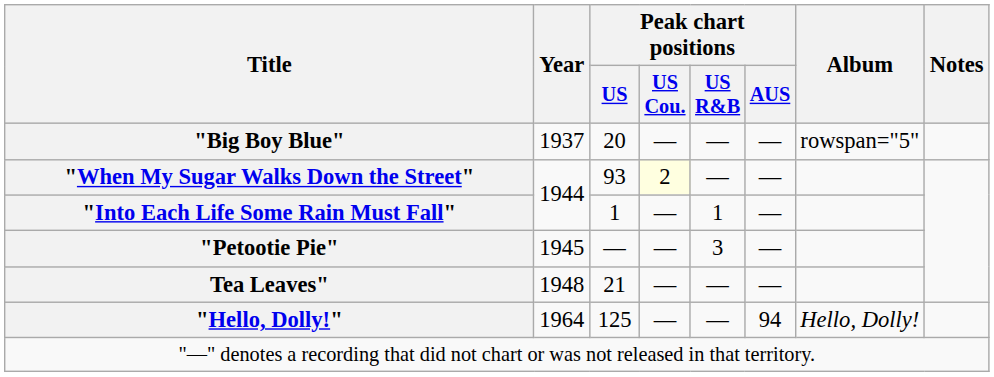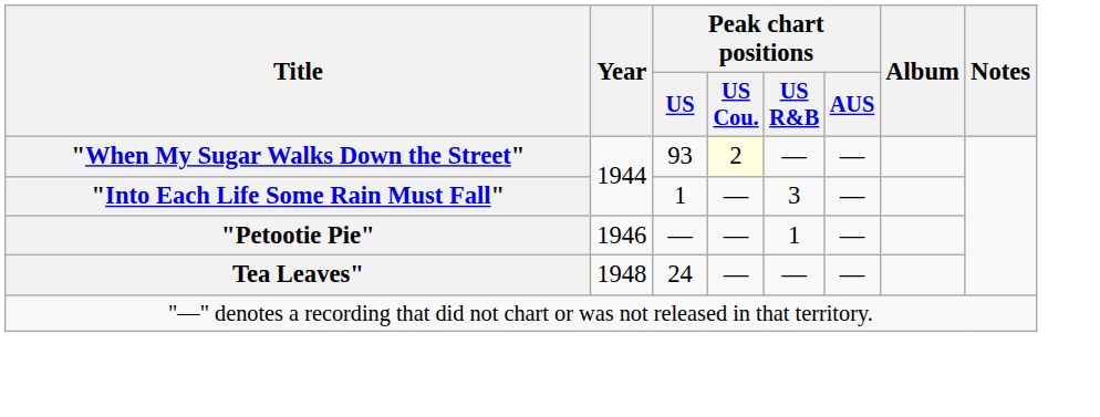 <table class="wikitable plainrowheaders" style="text-align:center;" border="1">
 <tr>
 <th scope="col" rowspan="2" style="width:23em;">Title</th>
 <th scope="col" rowspan="2">Year</th>
 <th scope="col" colspan="4">Peak chart positions</th>
 <th scope="col" rowspan="2">Album</th>
 <th scope="col" rowspan="2">Notes</th>
 </tr>
 <tr>
 <th scope="col" style="width:2em;font-size:90%;"><a href='#'>US</a><br></th>
 <th scope="col" style="width:2em;font-size:90%;"><a href='#'>US<br>Cou.</a><br></th>
 <th scope="col" style="width:2em;font-size:90%;"><a href='#'>US<br>R&B</a><br></th>
 <th scope="col" style="width:2em;font-size:90%;"><a href='#'>AUS</a><br></th>
 </tr>
 <tr>
-<th scope="row">"Big Boy Blue"<br></th>
-<td>1937</td>
-<td>20</td>
-<td>—</td>
-<td>—</td>
-<td>—</td>
-<td>rowspan="5" </td>
-<td></td>
-</tr>
-<tr>
 <th scope="row">"<a href='#'>When My Sugar Walks Down the Street</a>"<br></th>
 <td rowspan="2">1944</td>
 <td>93</td>
 <td style="background: lightyellow;">2</td>
 <td>—</td>
 <td>—</td>
 <td></td>
 </tr>
 <tr>
 <th scope="row">"<a href='#'>Into Each Life Some Rain Must Fall</a>"<br></th>
 <td>1</td>
 <td>—</td>
-<td>1</td>
+<td>3</td>
 <td>—</td>
 <td></td>
 </tr>
 <tr>
 <th scope="row">"Petootie Pie"<br></th>
-<td>1945</td>
+<td>1946</td>
 <td>—</td>
 <td>—</td>
-<td>3</td>
+<td>1</td>
 <td>—</td>
 <td></td>
 </tr>
 <tr>
 <th scope="row">Tea Leaves"<br></th>
 <td>1948</td>
-<td>21</td>
+<td>24</td>
 <td>—</td>
 <td>—</td>
 <td>—</td>
 <td></td>
 </tr>
 <tr>
-<th scope="row">"<a href='#'>Hello, Dolly!</a>"</th>
-<td>1964</td>
-<td>125</td>
-<td>—</td>
-<td>—</td>
-<td>94</td>
-<td><em>Hello, Dolly!</em></td>
-<td></td>
-</tr>
-<tr>
 <td colspan="8" style="font-size:90%">"—" denotes a recording that did not chart or was not released in that territory.</td>
 </tr>
 </table>
